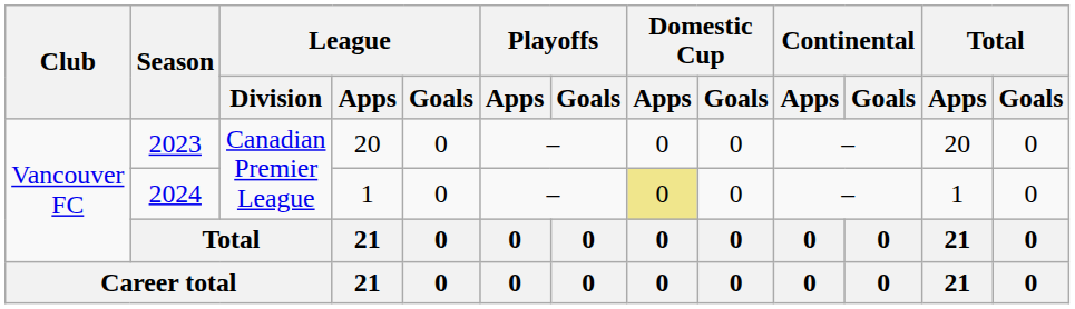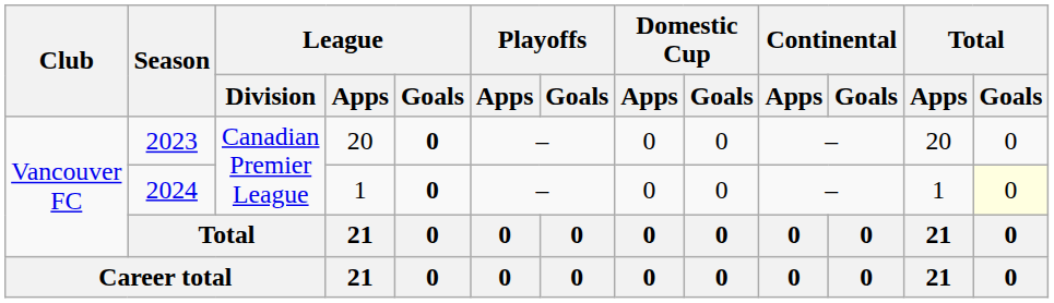 <table class="wikitable" style="text-align: center">
 <tr>
 <th rowspan="2">Club</th>
 <th rowspan="2">Season</th>
 <th colspan="3">League</th>
 <th colspan="2">Playoffs</th>
 <th colspan="2">Domestic Cup</th>
 <th colspan="2">Continental</th>
 <th colspan="2">Total</th>
 </tr>
 <tr>
 <th>Division</th>
 <th>Apps</th>
 <th>Goals</th>
 <th>Apps</th>
 <th>Goals</th>
 <th>Apps</th>
 <th>Goals</th>
 <th>Apps</th>
 <th>Goals</th>
 <th>Apps</th>
 <th>Goals</th>
 </tr>
 <tr>
 <td rowspan=3><a href='#'>Vancouver FC</a></td>
 <td><a href='#'>2023</a></td>
 <td rowspan=2><a href='#'>Canadian Premier League</a></td>
 <td>20</td>
-<td>0</td>
+<td><strong>0</strong></td>
 <td colspan="2">–</td>
 <td>0</td>
 <td>0</td>
 <td colspan="2">–</td>
 <td>20</td>
 <td>0</td>
 </tr>
 <tr>
 <td><a href='#'>2024</a></td>
 <td>1</td>
+<td><strong>0</strong></td>
+<td colspan="2">–</td>
 <td>0</td>
-<td colspan="2">–</td>
-<td style="background: khaki;">0</td>
 <td>0</td>
 <td colspan="2">–</td>
 <td>1</td>
-<td>0</td>
+<td style="background: lightyellow;">0</td>
 </tr>
 <tr>
 <th colspan="2">Total</th>
 <th>21</th>
 <th>0</th>
 <th>0</th>
 <th>0</th>
 <th>0</th>
 <th>0</th>
 <th>0</th>
 <th>0</th>
 <th>21</th>
 <th>0</th>
 </tr>
 <tr>
 <th colspan="3"><strong>Career total</strong></th>
 <th>21</th>
 <th>0</th>
 <th>0</th>
 <th>0</th>
 <th>0</th>
 <th>0</th>
 <th>0</th>
 <th>0</th>
 <th>21</th>
 <th>0</th>
 </tr>
 </table>
